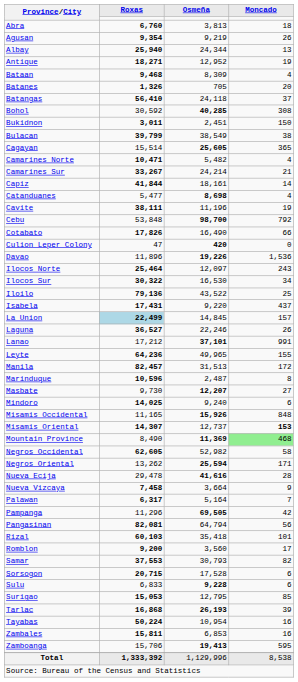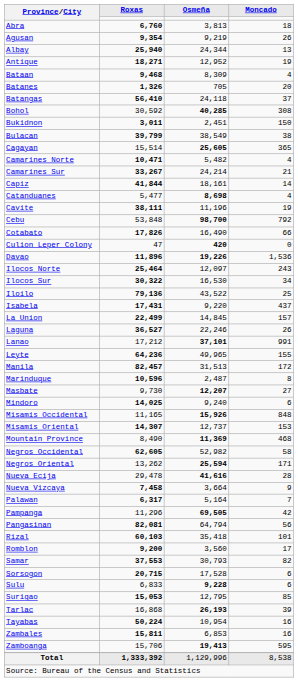 <table class="wikitable" style="text-align:right; font-size:95%">
 <tr>
 <th rowspan="2" width="150px" align="left"><a href='#'>Province</a>/<a href='#'>City</a></th>
 <th width="100px" align="center" style="background: #E9E9E9"><a href='#'>Roxas</a></th>
 <th width="100px" align="center" style="background: #E9E9E9"><a href='#'>Osmeña</a></th>
 <th width="100px" align="center" style="background: #E9E9E9"><a href='#'>Moncado</a></th>
 </tr>
 <tr>
 <td></td>
 <td></td>
 <td></td>
 </tr>
 <tr>
 <td align="left"><a href='#'>Abra</a></td>
 <td><strong>6,760</strong></td>
 <td>3,813</td>
 <td>18</td>
 </tr>
 <tr>
 <td align="left"><a href='#'>Agusan</a></td>
 <td><strong>9,354</strong></td>
 <td>9,219</td>
 <td>26</td>
 </tr>
 <tr>
 <td align="left"><a href='#'>Albay</a></td>
 <td><strong>25,940</strong></td>
 <td>24,344</td>
 <td>13</td>
 </tr>
 <tr>
 <td align="left"><a href='#'>Antique</a></td>
 <td><strong>18,271</strong></td>
 <td>12,952</td>
 <td>19</td>
 </tr>
 <tr>
 <td align="left"><a href='#'>Bataan</a></td>
 <td><strong>9,468</strong></td>
 <td>8,309</td>
 <td>4</td>
 </tr>
 <tr>
 <td align="left"><a href='#'>Batanes</a></td>
 <td><strong>1,326</strong></td>
 <td>705</td>
 <td>20</td>
 </tr>
 <tr>
 <td align="left"><a href='#'>Batangas</a></td>
 <td><strong>56,410</strong></td>
 <td>24,118</td>
 <td>37</td>
 </tr>
 <tr>
 <td align="left"><a href='#'>Bohol</a></td>
 <td>30,592</td>
 <td><strong>40,285</strong></td>
 <td>308</td>
 </tr>
 <tr>
 <td align="left"><a href='#'>Bukidnon</a></td>
 <td><strong>3,011</strong></td>
 <td>2,451</td>
 <td>150</td>
 </tr>
 <tr>
 <td align="left"><a href='#'>Bulacan</a></td>
 <td><strong>39,799</strong></td>
 <td>38,549</td>
 <td>38</td>
 </tr>
 <tr>
 <td align="left"><a href='#'>Cagayan</a></td>
 <td>15,514</td>
 <td><strong>25,605</strong></td>
 <td>365</td>
 </tr>
 <tr>
 <td align="left"><a href='#'>Camarines Norte</a></td>
 <td><strong>10,471</strong></td>
 <td>5,482</td>
 <td>4</td>
 </tr>
 <tr>
 <td align="left"><a href='#'>Camarines Sur</a></td>
 <td><strong>33,267</strong></td>
 <td>24,214</td>
 <td>21</td>
 </tr>
 <tr>
 <td align="left"><a href='#'>Capiz</a></td>
 <td><strong>41,844</strong></td>
 <td>18,161</td>
 <td>14</td>
 </tr>
 <tr>
 <td align="left"><a href='#'>Catanduanes</a></td>
 <td>5,477</td>
 <td><strong>8,698</strong></td>
 <td>4</td>
 </tr>
 <tr>
 <td align="left"><a href='#'>Cavite</a></td>
 <td><strong>38,111</strong></td>
 <td>11,196</td>
 <td>19</td>
 </tr>
 <tr>
 <td align="left"><a href='#'>Cebu</a></td>
 <td>53,848</td>
 <td><strong>98,700</strong></td>
 <td>792</td>
 </tr>
 <tr>
 <td align="left"><a href='#'>Cotabato</a></td>
 <td><strong>17,826</strong></td>
 <td>16,490</td>
 <td>66</td>
 </tr>
 <tr>
 <td align="left"><a href='#'>Culion Leper Colony</a></td>
 <td>47</td>
 <td><strong>420</strong></td>
 <td>0</td>
 </tr>
 <tr>
 <td align="left"><a href='#'>Davao</a></td>
-<td>11,896</td>
+<td><strong>11,896</strong></td>
 <td><strong>19,226</strong></td>
 <td>1,536</td>
 </tr>
 <tr>
 <td align="left"><a href='#'>Ilocos Norte</a></td>
 <td><strong>25,464</strong></td>
 <td>12,097</td>
 <td>243</td>
 </tr>
 <tr>
 <td align="left"><a href='#'>Ilocos Sur</a></td>
 <td><strong>30,322</strong></td>
 <td>16,530</td>
 <td>34</td>
 </tr>
 <tr>
 <td align="left"><a href='#'>Iloilo</a></td>
 <td><strong>79,136</strong></td>
 <td>43,522</td>
 <td>25</td>
 </tr>
 <tr>
 <td align="left"><a href='#'>Isabela</a></td>
 <td><strong>17,431</strong></td>
 <td>9,220</td>
 <td>437</td>
 </tr>
 <tr>
 <td align="left"><a href='#'>La Union</a></td>
-<td style="background: lightblue;"><strong>22,499</strong></td>
+<td><strong>22,499</strong></td>
 <td>14,845</td>
 <td>157</td>
 </tr>
 <tr>
 <td align="left"><a href='#'>Laguna</a></td>
 <td><strong>36,527</strong></td>
 <td>22,246</td>
 <td>26</td>
 </tr>
 <tr>
 <td align="left"><a href='#'>Lanao</a></td>
 <td>17,212</td>
 <td><strong>37,101</strong></td>
 <td>991</td>
 </tr>
 <tr>
 <td align="left"><a href='#'>Leyte</a></td>
 <td><strong>64,236</strong></td>
 <td>49,965</td>
 <td>155</td>
 </tr>
 <tr>
 <td align="left"><a href='#'>Manila</a></td>
 <td><strong>82,457</strong></td>
 <td>31,513</td>
 <td>172</td>
 </tr>
 <tr>
 <td align="left"><a href='#'>Marinduque</a></td>
 <td><strong>10,596</strong></td>
 <td>2,487</td>
 <td>8</td>
 </tr>
 <tr>
 <td align="left"><a href='#'>Masbate</a></td>
 <td>9,730</td>
 <td><strong>12,207</strong></td>
 <td>27</td>
 </tr>
 <tr>
 <td align="left"><a href='#'>Mindoro</a></td>
 <td><strong>14,025</strong></td>
 <td>9,240</td>
 <td>6</td>
 </tr>
 <tr>
 <td align="left"><a href='#'>Misamis Occidental</a></td>
 <td>11,165</td>
 <td><strong>15,926</strong></td>
 <td>848</td>
 </tr>
 <tr>
 <td align="left"><a href='#'>Misamis Oriental</a></td>
 <td><strong>14,307</strong></td>
 <td>12,737</td>
-<td><strong>153</strong></td>
+<td>153</td>
 </tr>
 <tr>
 <td align="left"><a href='#'>Mountain Province</a></td>
 <td>8,490</td>
 <td><strong>11,369</strong></td>
-<td style="background: lightgreen;">468</td>
+<td>468</td>
 </tr>
 <tr>
 <td align="left"><a href='#'>Negros Occidental</a></td>
 <td><strong>62,605</strong></td>
 <td>52,982</td>
 <td>58</td>
 </tr>
 <tr>
 <td align="left"><a href='#'>Negros Oriental</a></td>
 <td>13,262</td>
 <td><strong>25,594</strong></td>
 <td>171</td>
 </tr>
 <tr>
 <td align="left"><a href='#'>Nueva Ecija</a></td>
 <td>29,478</td>
 <td><strong>41,616</strong></td>
 <td>28</td>
 </tr>
 <tr>
 <td align="left"><a href='#'>Nueva Vizcaya</a></td>
 <td><strong>7,458</strong></td>
 <td>3,664</td>
 <td>9</td>
 </tr>
 <tr>
 <td align="left"><a href='#'>Palawan</a></td>
 <td><strong>6,317</strong></td>
 <td>5,164</td>
 <td>7</td>
 </tr>
 <tr>
 <td align="left"><a href='#'>Pampanga</a></td>
 <td>11,296</td>
 <td><strong>69,505</strong></td>
 <td>42</td>
 </tr>
 <tr>
 <td align="left"><a href='#'>Pangasinan</a></td>
 <td><strong>82,081</strong></td>
 <td>64,794</td>
 <td>56</td>
 </tr>
 <tr>
 <td align="left"><a href='#'>Rizal</a></td>
 <td><strong>60,103</strong></td>
 <td>35,418</td>
 <td>101</td>
 </tr>
 <tr>
 <td align="left"><a href='#'>Romblon</a></td>
 <td><strong>9,200</strong></td>
 <td>3,560</td>
 <td>17</td>
 </tr>
 <tr>
 <td align="left"><a href='#'>Samar</a></td>
 <td><strong>37,553</strong></td>
 <td>30,793</td>
 <td>82</td>
 </tr>
 <tr>
 <td align="left"><a href='#'>Sorsogon</a></td>
 <td><strong>20,715</strong></td>
 <td>17,528</td>
 <td>6</td>
 </tr>
 <tr>
 <td align="left"><a href='#'>Sulu</a></td>
 <td>6,833</td>
 <td><strong>9,228</strong></td>
 <td>6</td>
 </tr>
 <tr>
 <td align="left"><a href='#'>Surigao</a></td>
 <td><strong>15,053</strong></td>
 <td>12,795</td>
 <td>85</td>
 </tr>
 <tr>
 <td align="left"><a href='#'>Tarlac</a></td>
-<td><strong>16,868</strong></td>
+<td>16,868</td>
 <td><strong>26,193</strong></td>
 <td>39</td>
 </tr>
 <tr>
 <td align="left"><a href='#'>Tayabas</a></td>
 <td><strong>50,224</strong></td>
 <td>10,954</td>
 <td>16</td>
 </tr>
 <tr>
 <td align="left"><a href='#'>Zambales</a></td>
 <td><strong>15,811</strong></td>
 <td>6,853</td>
 <td>16</td>
 </tr>
 <tr>
 <td align="left"><a href='#'>Zamboanga</a></td>
 <td>15,706</td>
 <td><strong>19,413</strong></td>
 <td>595</td>
 </tr>
 <tr>
 </tr>
 <tr style="background:#E9E9E9">
 <th align="center"><strong>Total</strong></th>
 <td><strong>1,333,392</strong></td>
 <td>1,129,996</td>
 <td>8,538</td>
 </tr>
 <tr>
 <td colspan="4" align="left">Source: Bureau of the Census and Statistics</td>
 </tr>
 </table>
